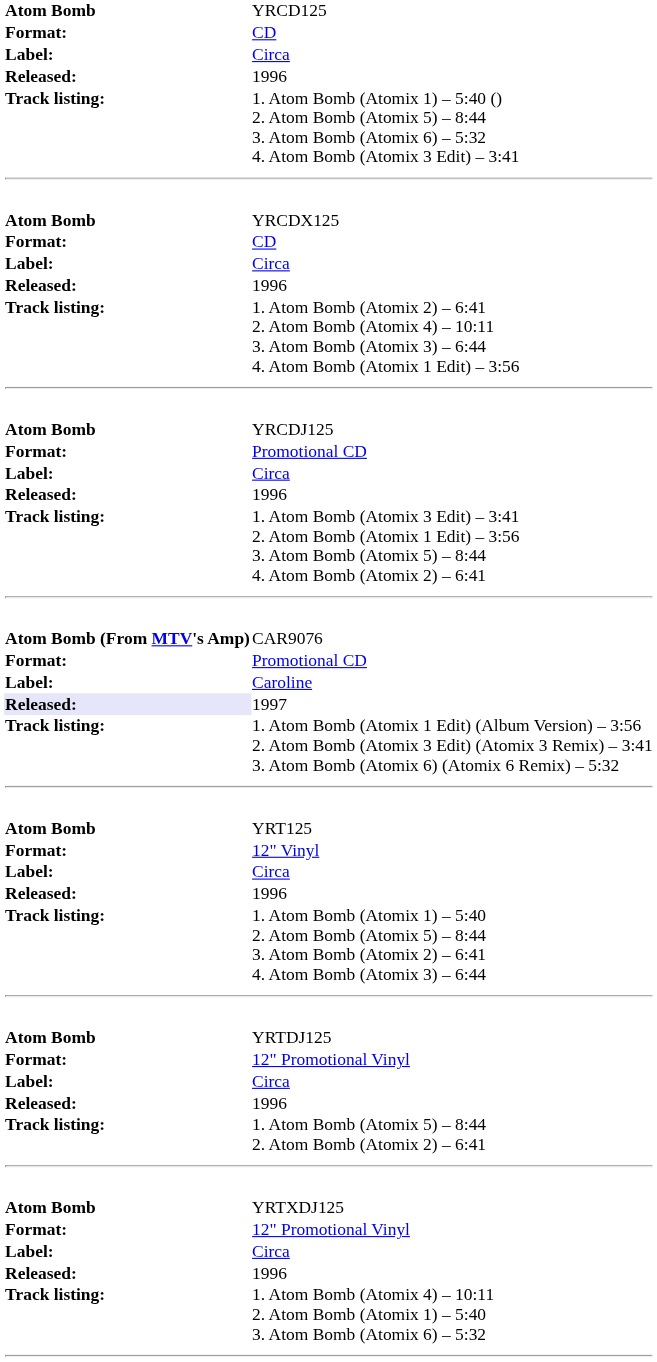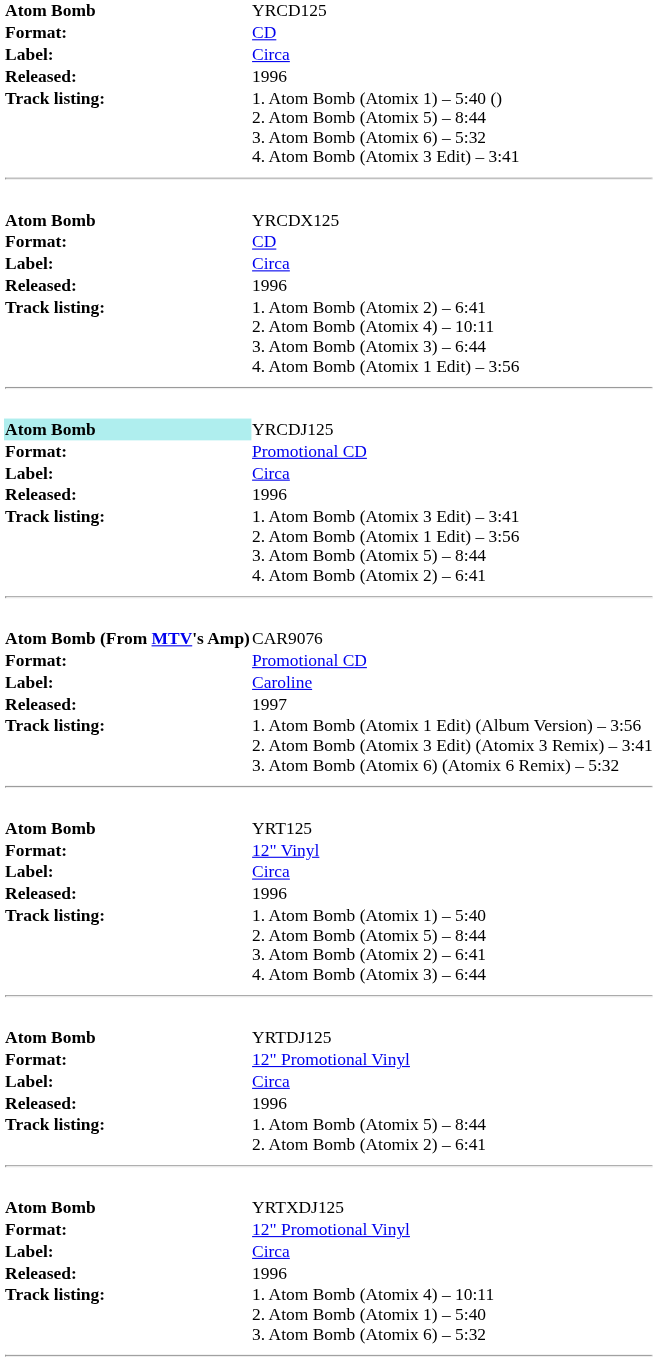 <table cellspacing="0" cellpadding="1" border="0">
 <tr>
 <td valign="top"><strong>Atom Bomb</strong></td>
 <td valign="top">YRCD125</td>
 </tr>
 <tr>
 <td valign="top"><strong>Format:</strong></td>
 <td valign="top"><a href='#'>CD</a></td>
 </tr>
 <tr>
 <td valign="top"><strong>Label:</strong></td>
 <td valign="top"><a href='#'>Circa</a></td>
 </tr>
 <tr>
 <td valign="top"><strong>Released:</strong></td>
 <td valign="top">1996</td>
 </tr>
 <tr>
 <td valign="top"><strong>Track listing:</strong></td>
 <td valign="top">1. Atom Bomb (Atomix 1) – 5:40 ()<br>2. Atom Bomb (Atomix 5) – 8:44<br>3. Atom Bomb (Atomix 6) – 5:32<br>4. Atom Bomb (Atomix 3 Edit) – 3:41</td>
 </tr>
 <tr>
 <td colspan="3"><hr><br></td>
 </tr>
 <tr>
 <td valign="top"><strong>Atom Bomb</strong></td>
 <td valign="top">YRCDX125</td>
 </tr>
 <tr>
 <td valign="top"><strong>Format:</strong></td>
 <td valign="top"><a href='#'>CD</a></td>
 </tr>
 <tr>
 <td valign="top"><strong>Label:</strong></td>
 <td valign="top"><a href='#'>Circa</a></td>
 </tr>
 <tr>
 <td valign="top"><strong>Released:</strong></td>
 <td valign="top">1996</td>
 </tr>
 <tr>
 <td valign="top"><strong>Track listing:</strong></td>
 <td valign="top">1. Atom Bomb (Atomix 2) – 6:41<br>2. Atom Bomb (Atomix 4) – 10:11<br>3. Atom Bomb (Atomix 3) – 6:44<br>4. Atom Bomb (Atomix 1 Edit) – 3:56</td>
 </tr>
 <tr>
 <td colspan="3"><hr><br></td>
 </tr>
 <tr>
-<td valign="top"><strong>Atom Bomb</strong></td>
+<td valign="top" style="background: paleturquoise;"><strong>Atom Bomb</strong></td>
 <td valign="top">YRCDJ125</td>
 </tr>
 <tr>
 <td valign="top"><strong>Format:</strong></td>
 <td valign="top"><a href='#'>Promotional CD</a></td>
 </tr>
 <tr>
 <td valign="top"><strong>Label:</strong></td>
 <td valign="top"><a href='#'>Circa</a></td>
 </tr>
 <tr>
 <td valign="top"><strong>Released:</strong></td>
 <td valign="top">1996</td>
 </tr>
 <tr>
 <td valign="top"><strong>Track listing:</strong></td>
 <td valign="top">1. Atom Bomb (Atomix 3 Edit) – 3:41<br>2. Atom Bomb (Atomix 1 Edit) – 3:56<br>3.          Atom Bomb (Atomix 5) – 8:44<br>4. Atom Bomb (Atomix 2) – 6:41</td>
 </tr>
 <tr>
 <td colspan="3"><hr><br></td>
 </tr>
 <tr>
 <td valign="top"><strong>Atom Bomb (From <a href='#'>MTV</a>'s Amp)</strong></td>
 <td valign="top">CAR9076</td>
 </tr>
 <tr>
 <td valign="top"><strong>Format:</strong></td>
 <td valign="top"><a href='#'>Promotional CD</a></td>
 </tr>
 <tr>
 <td valign="top"><strong>Label:</strong></td>
 <td valign="top"><a href='#'>Caroline</a></td>
 </tr>
 <tr>
-<td valign="top" style="background: lavender;"><strong>Released:</strong></td>
+<td valign="top"><strong>Released:</strong></td>
 <td valign="top">1997</td>
 </tr>
 <tr>
 <td valign="top"><strong>Track listing:</strong></td>
 <td valign="top">1. Atom Bomb (Atomix 1 Edit) (Album Version) – 3:56<br>2. Atom Bomb (Atomix 3 Edit) (Atomix 3 Remix) – 3:41<br>3. Atom Bomb (Atomix 6) (Atomix 6 Remix) – 5:32</td>
 </tr>
 <tr>
 <td colspan="3"><hr><br></td>
 </tr>
 <tr>
 <td valign="top"><strong>Atom Bomb</strong></td>
 <td valign="top">YRT125</td>
 </tr>
 <tr>
 <td valign="top"><strong>Format:</strong></td>
 <td valign="top"><a href='#'>12" Vinyl</a></td>
 </tr>
 <tr>
 <td valign="top"><strong>Label:</strong></td>
 <td valign="top"><a href='#'>Circa</a></td>
 </tr>
 <tr>
 <td valign="top"><strong>Released:</strong></td>
 <td valign="top">1996</td>
 </tr>
 <tr>
 <td valign="top"><strong>Track listing:</strong></td>
 <td valign="top">1. Atom Bomb (Atomix 1) – 5:40<br>2. Atom Bomb (Atomix 5) – 8:44<br>3. Atom Bomb (Atomix 2) – 6:41<br>4. Atom Bomb (Atomix 3) – 6:44</td>
 </tr>
 <tr>
 <td colspan="3"><hr><br></td>
 </tr>
 <tr>
 <td valign="top"><strong>Atom Bomb</strong></td>
 <td valign="top">YRTDJ125</td>
 </tr>
 <tr>
 <td valign="top"><strong>Format:</strong></td>
 <td valign="top"><a href='#'>12" Promotional Vinyl</a></td>
 </tr>
 <tr>
 <td valign="top"><strong>Label:</strong></td>
 <td valign="top"><a href='#'>Circa</a></td>
 </tr>
 <tr>
 <td valign="top"><strong>Released:</strong></td>
 <td valign="top">1996</td>
 </tr>
 <tr>
 <td valign="top"><strong>Track listing:</strong></td>
 <td valign="top">1. Atom Bomb (Atomix 5) – 8:44<br>2. Atom Bomb (Atomix 2) – 6:41</td>
 </tr>
 <tr>
 <td colspan="3"><hr><br></td>
 </tr>
 <tr>
 <td valign="top"><strong>Atom Bomb</strong></td>
 <td valign="top">YRTXDJ125</td>
 </tr>
 <tr>
 <td valign="top"><strong>Format:</strong></td>
 <td valign="top"><a href='#'>12" Promotional Vinyl</a></td>
 </tr>
 <tr>
 <td valign="top"><strong>Label:</strong></td>
 <td valign="top"><a href='#'>Circa</a></td>
 </tr>
 <tr>
 <td valign="top"><strong>Released:</strong></td>
 <td valign="top">1996</td>
 </tr>
 <tr>
 <td valign="top"><strong>Track listing:</strong></td>
 <td valign="top">1. Atom Bomb (Atomix 4) – 10:11<br>2. Atom Bomb (Atomix 1) – 5:40<br>3. Atom Bomb (Atomix 6) – 5:32</td>
 </tr>
 <tr>
 <td colspan="3"><hr></td>
 </tr>
 </table>
